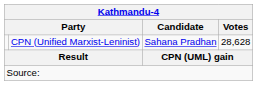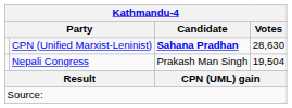 <table class="wikitable">
 <tr>
 <th colspan="4"><a href='#'>Kathmandu-4</a></th>
 </tr>
 <tr>
 <th colspan="2">Party</th>
 <th>Candidate</th>
 <th>Votes</th>
 </tr>
 <tr>
 <td style="background-color:"></td>
 <td><a href='#'>CPN (Unified Marxist-Leninist)</a></td>
-<td><a href='#'>Sahana Pradhan</a></td>
-<td>28,628</td>
+<td><strong><a href='#'>Sahana Pradhan</a></strong></td>
+<td>28,630</td>
+</tr>
+<tr>
+<td style="background-color:"></td>
+<td><a href='#'>Nepali Congress</a></td>
+<td>Prakash Man Singh</td>
+<td>19,504</td>
 </tr>
 <tr>
 <th colspan="2">Result</th>
 <th colspan="2">CPN (UML) gain</th>
 </tr>
 <tr>
 <td colspan="4">Source: </td>
 </tr>
 </table>
